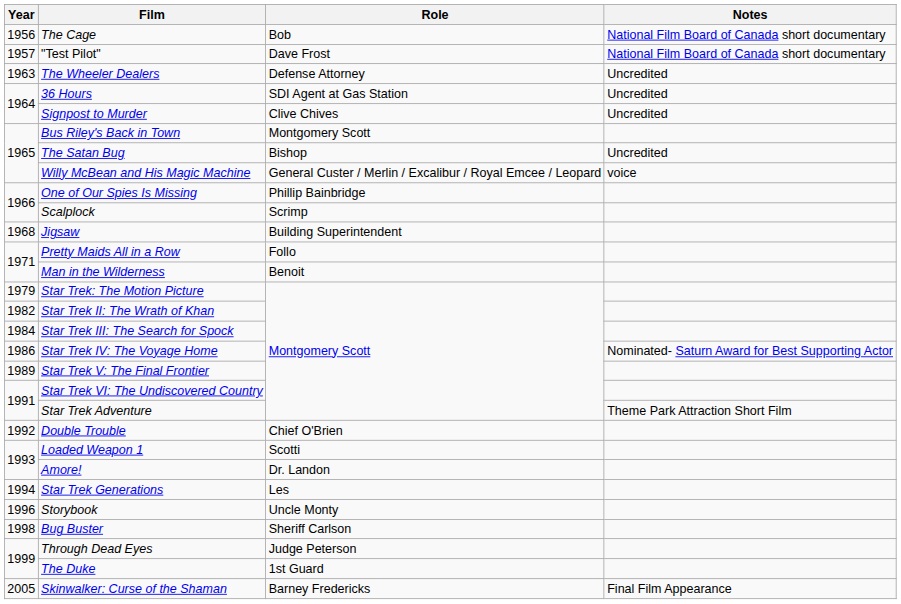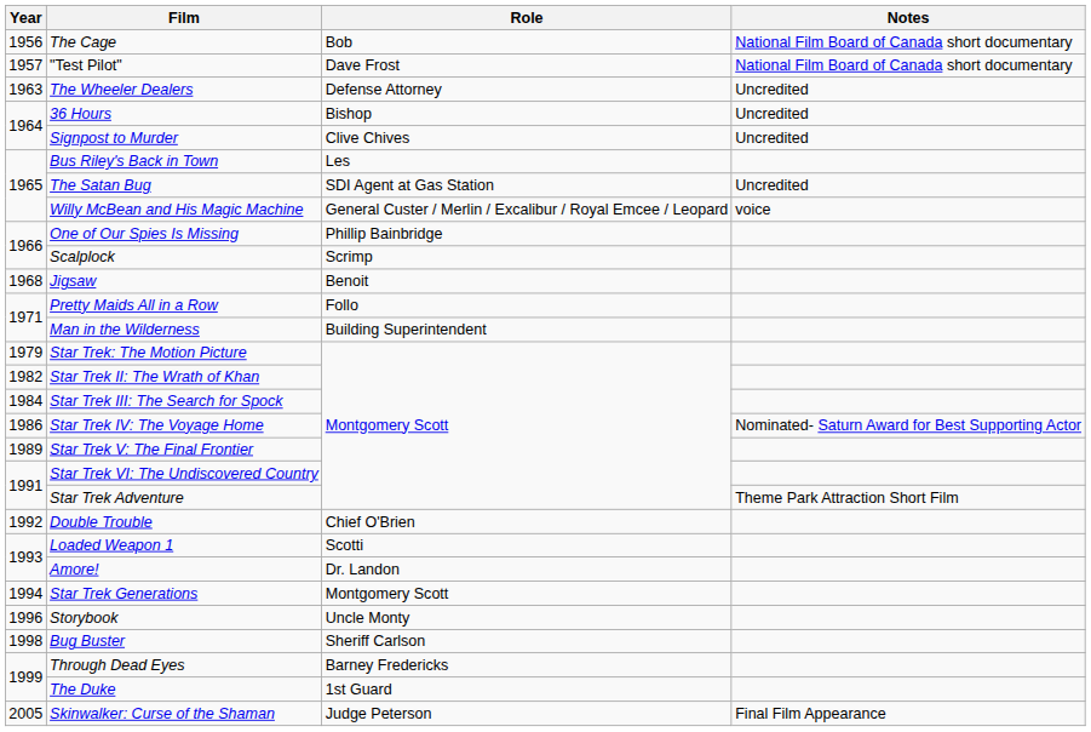 <table class="wikitable sortable" style="font-size: 90%;">
 <tr>
 <th>Year</th>
 <th>Film</th>
 <th>Role</th>
 <th class="unsortable">Notes</th>
 </tr>
 <tr>
 <td>1956</td>
 <td data-sort-value="Cage, The"><em>The Cage</em></td>
 <td>Bob</td>
 <td><a href='#'>National Film Board of Canada</a> short documentary</td>
 </tr>
 <tr>
 <td>1957</td>
 <td>"Test Pilot"</td>
 <td>Dave Frost</td>
 <td><a href='#'>National Film Board of Canada</a> short documentary</td>
 </tr>
 <tr>
 <td>1963</td>
 <td data-sort-value="Wheeler Dealers, The"><em><a href='#'>The Wheeler Dealers</a></em></td>
 <td>Defense Attorney</td>
 <td>Uncredited</td>
 </tr>
 <tr>
 <td rowspan="2">1964</td>
 <td><em><a href='#'>36 Hours</a></em></td>
-<td>SDI Agent at Gas Station</td>
+<td>Bishop</td>
 <td>Uncredited</td>
 </tr>
 <tr>
 <td><em><a href='#'>Signpost to Murder</a></em></td>
 <td>Clive Chives</td>
 <td>Uncredited</td>
 </tr>
 <tr>
 <td rowspan="3">1965</td>
 <td><em><a href='#'>Bus Riley's Back in Town</a></em></td>
-<td>Montgomery Scott</td>
+<td>Les</td>
 <td></td>
 </tr>
 <tr>
 <td data-sort-value="Satan Bug, The"><em><a href='#'>The Satan Bug</a></em></td>
-<td>Bishop</td>
+<td>SDI Agent at Gas Station</td>
 <td>Uncredited</td>
 </tr>
 <tr>
 <td><em><a href='#'>Willy McBean and His Magic Machine</a></em></td>
 <td>General Custer / Merlin / Excalibur / Royal Emcee / Leopard</td>
 <td>voice</td>
 </tr>
 <tr>
 <td rowspan="2">1966</td>
 <td><em><a href='#'>One of Our Spies Is Missing</a></em></td>
 <td>Phillip Bainbridge</td>
 <td></td>
 </tr>
 <tr>
 <td><em>Scalplock</em></td>
 <td>Scrimp</td>
 <td></td>
 </tr>
 <tr>
 <td>1968</td>
 <td><em><a href='#'>Jigsaw</a></em></td>
-<td>Building Superintendent</td>
+<td>Benoit</td>
 <td></td>
 </tr>
 <tr>
 <td rowspan="2">1971</td>
 <td><em><a href='#'>Pretty Maids All in a Row</a></em></td>
 <td>Follo</td>
 <td></td>
 </tr>
 <tr>
 <td><em><a href='#'>Man in the Wilderness</a></em></td>
-<td>Benoit</td>
+<td>Building Superintendent</td>
 <td></td>
 </tr>
 <tr>
 <td>1979</td>
 <td><em><a href='#'>Star Trek: The Motion Picture</a></em></td>
 <td rowspan="7"><a href='#'>Montgomery Scott</a></td>
 <td></td>
 </tr>
 <tr>
 <td>1982</td>
 <td><em><a href='#'>Star Trek II: The Wrath of Khan</a></em></td>
 <td></td>
 </tr>
 <tr>
 <td>1984</td>
 <td><em><a href='#'>Star Trek III: The Search for Spock</a></em></td>
 <td></td>
 </tr>
 <tr>
 <td>1986</td>
 <td><em><a href='#'>Star Trek IV: The Voyage Home</a></em></td>
 <td>Nominated- <a href='#'>Saturn Award for Best Supporting Actor</a></td>
 </tr>
 <tr>
 <td>1989</td>
 <td><em><a href='#'>Star Trek V: The Final Frontier</a></em></td>
 <td></td>
 </tr>
 <tr>
 <td rowspan="2">1991</td>
 <td><em><a href='#'>Star Trek VI: The Undiscovered Country</a></em></td>
 <td></td>
 </tr>
 <tr>
 <td><em>Star Trek Adventure</em></td>
 <td>Theme Park Attraction Short Film</td>
 </tr>
 <tr>
 <td>1992</td>
 <td><em><a href='#'>Double Trouble</a></em></td>
 <td>Chief O'Brien</td>
 <td></td>
 </tr>
 <tr>
 <td rowspan="2">1993</td>
 <td><em><a href='#'>Loaded Weapon 1</a></em></td>
 <td>Scotti</td>
 <td></td>
 </tr>
 <tr>
 <td><em><a href='#'>Amore!</a></em></td>
 <td>Dr. Landon</td>
 <td></td>
 </tr>
 <tr>
 <td>1994</td>
 <td><em><a href='#'>Star Trek Generations</a></em></td>
-<td>Les</td>
+<td>Montgomery Scott</td>
 <td></td>
 </tr>
 <tr>
 <td>1996</td>
 <td><em>Storybook</em></td>
 <td>Uncle Monty</td>
 <td></td>
 </tr>
 <tr>
 <td>1998</td>
 <td><em><a href='#'>Bug Buster</a></em></td>
 <td>Sheriff Carlson</td>
 <td></td>
 </tr>
 <tr>
 <td rowspan="2">1999</td>
 <td><em>Through Dead Eyes</em></td>
-<td>Judge Peterson</td>
+<td>Barney Fredericks</td>
 <td></td>
 </tr>
 <tr>
 <td data-sort-value="Duke, The"><em><a href='#'>The Duke</a></em></td>
 <td>1st Guard</td>
 <td></td>
 </tr>
 <tr>
 <td>2005</td>
 <td><em><a href='#'>Skinwalker: Curse of the Shaman</a></em></td>
-<td>Barney Fredericks</td>
+<td>Judge Peterson</td>
 <td>Final Film Appearance</td>
 </tr>
 </table>
